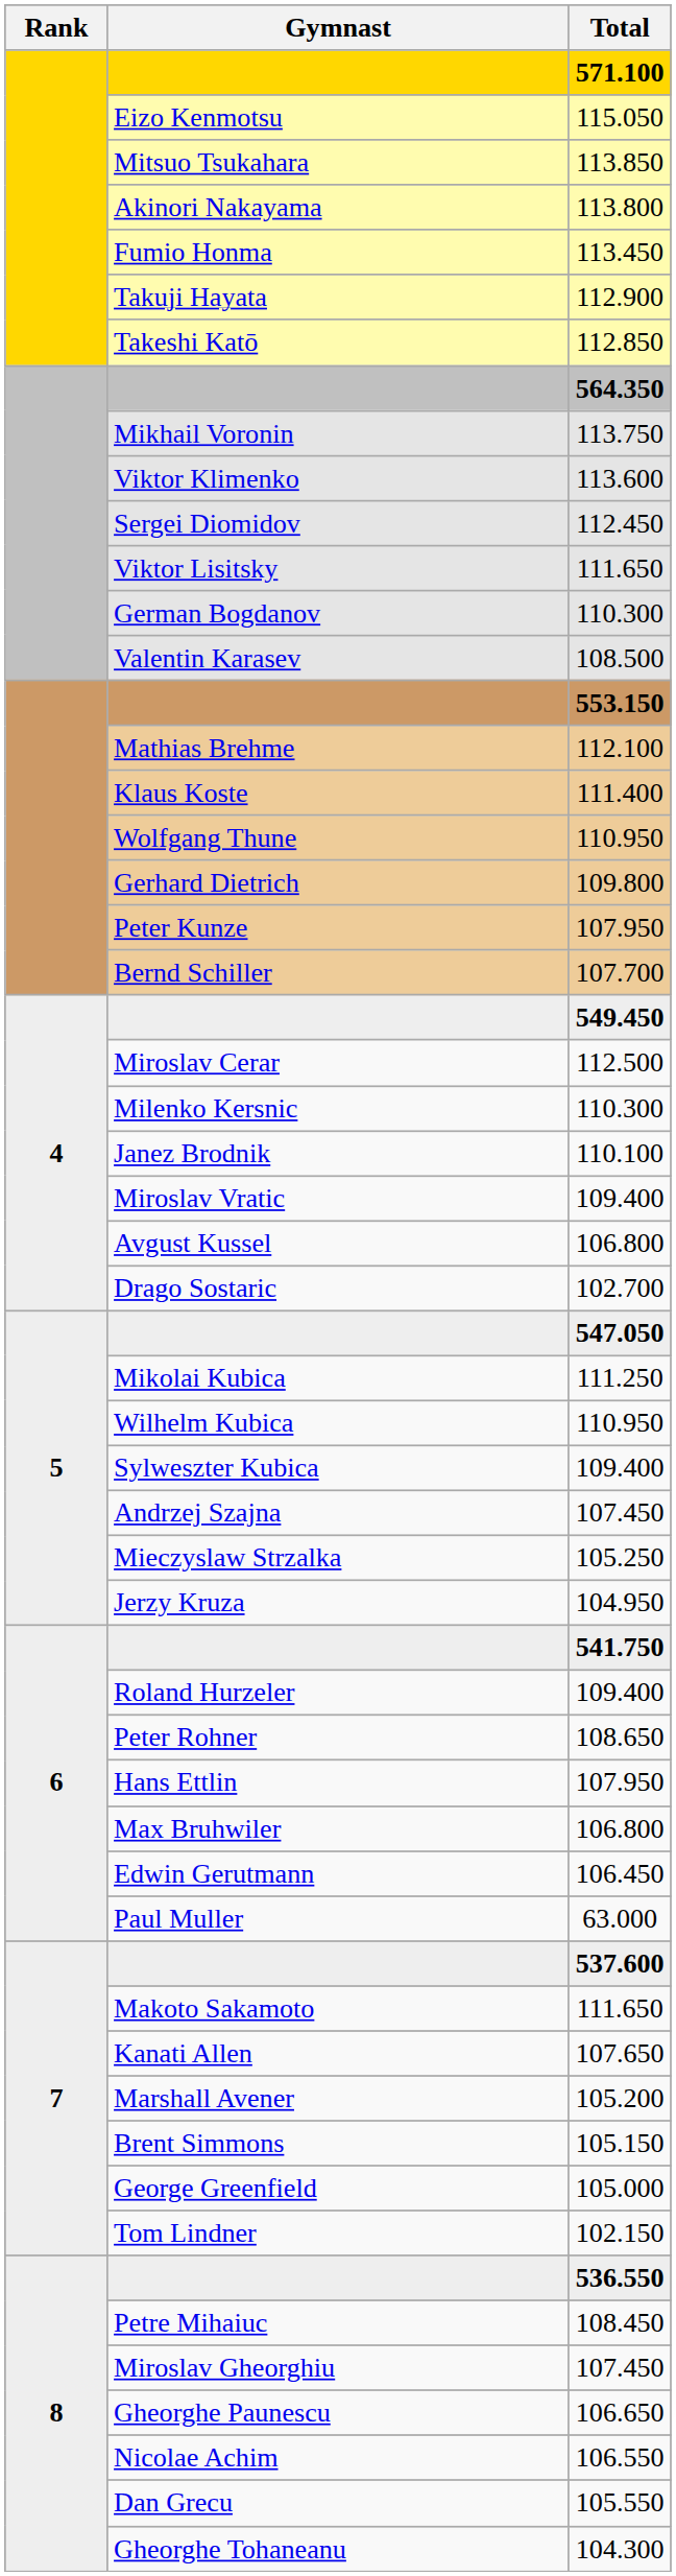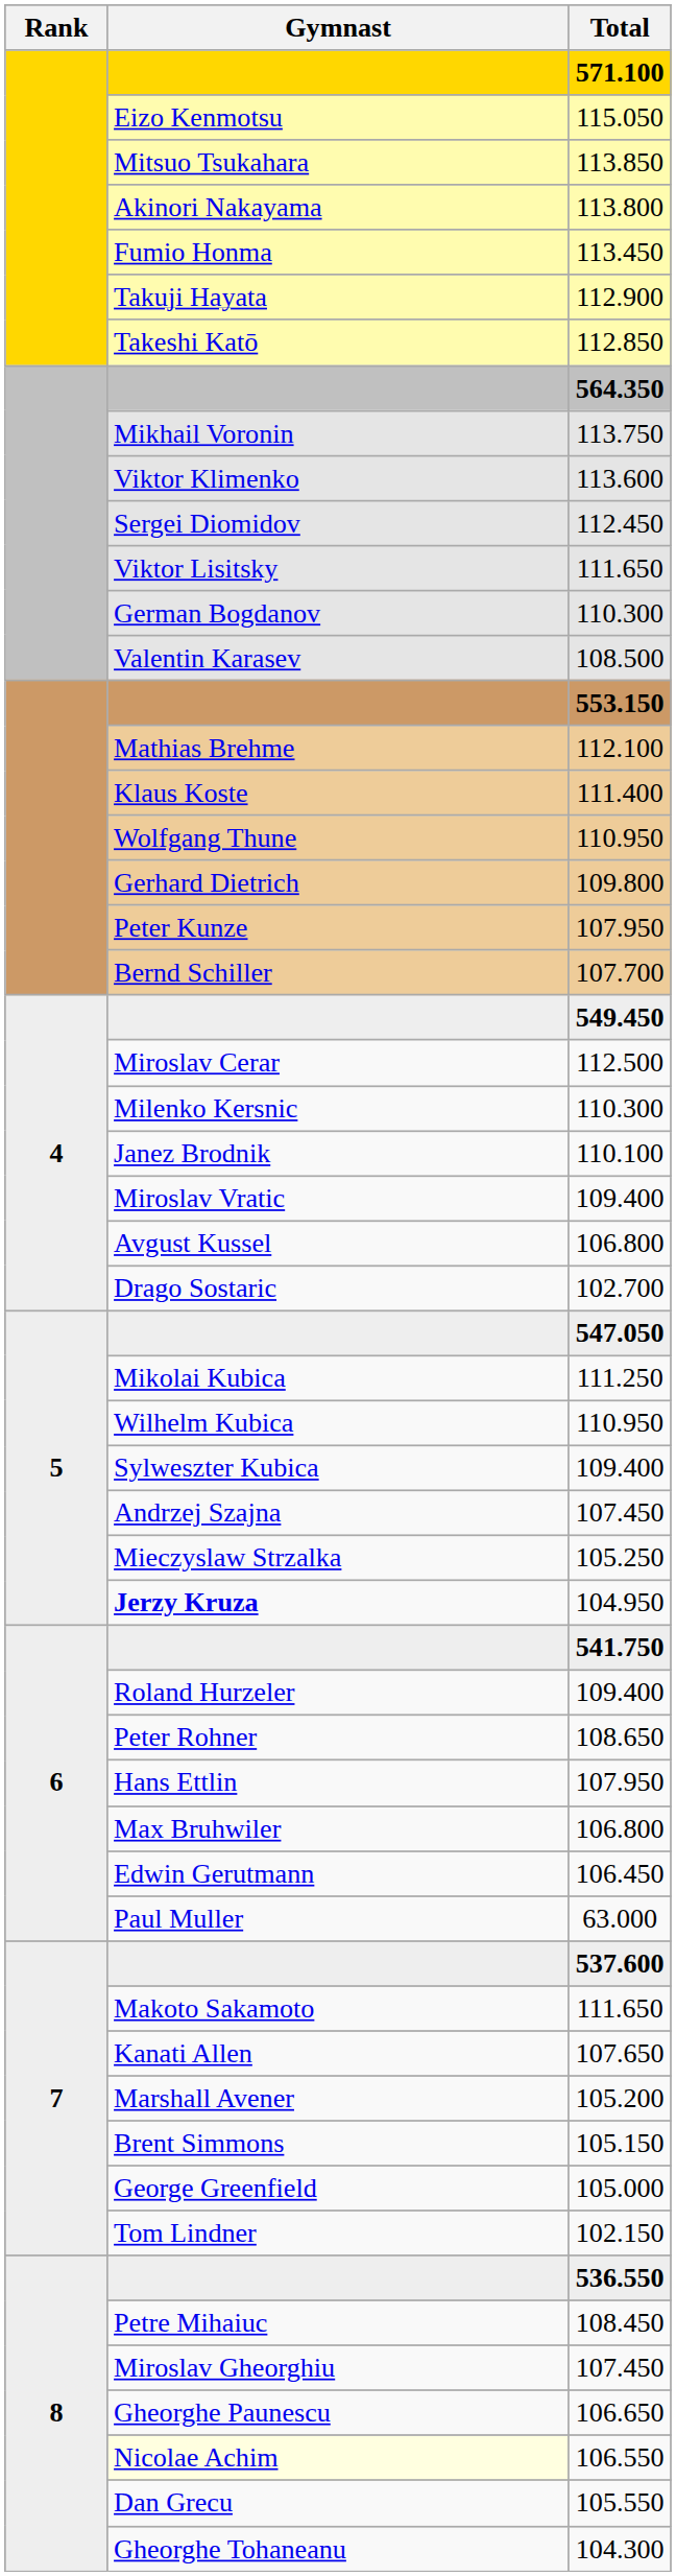 <table class="wikitable" style="text-align:center; font-size:95%">
 <tr>
 <th scope="col" style="width:50px;">Rank</th>
 <th scope="col" style="width:250px;">Gymnast</th>
 <th scope="col" style="width:50px;">Total</th>
 </tr>
 <tr bgcolor=gold>
 <td rowspan=7></td>
 <td align="left"><strong></strong></td>
 <td><strong>571.100</strong></td>
 </tr>
 <tr bgcolor=fffcaf>
 <td align="left"><a href='#'>Eizo Kenmotsu</a></td>
 <td>115.050</td>
 </tr>
 <tr bgcolor=fffcaf>
 <td align="left"><a href='#'>Mitsuo Tsukahara</a></td>
 <td>113.850</td>
 </tr>
 <tr bgcolor=fffcaf>
 <td align="left"><a href='#'>Akinori Nakayama</a></td>
 <td>113.800</td>
 </tr>
 <tr bgcolor=fffcaf>
 <td align="left"><a href='#'>Fumio Honma</a></td>
 <td>113.450</td>
 </tr>
 <tr bgcolor=fffcaf>
 <td align="left"><a href='#'>Takuji Hayata</a></td>
 <td>112.900</td>
 </tr>
 <tr bgcolor=fffcaf>
 <td align="left"><a href='#'>Takeshi Katō</a></td>
 <td>112.850</td>
 </tr>
 <tr bgcolor=silver>
 <td rowspan=7></td>
 <td align="left"><strong></strong></td>
 <td><strong>564.350</strong></td>
 </tr>
 <tr bgcolor=e5e5e5>
 <td align="left"><a href='#'>Mikhail Voronin</a></td>
 <td>113.750</td>
 </tr>
 <tr bgcolor=e5e5e5>
 <td align="left"><a href='#'>Viktor Klimenko</a></td>
 <td>113.600</td>
 </tr>
 <tr bgcolor=e5e5e5>
 <td align="left"><a href='#'>Sergei Diomidov</a></td>
 <td>112.450</td>
 </tr>
 <tr bgcolor=e5e5e5>
 <td align="left"><a href='#'>Viktor Lisitsky</a></td>
 <td>111.650</td>
 </tr>
 <tr bgcolor=e5e5e5>
 <td align="left"><a href='#'>German Bogdanov</a></td>
 <td>110.300</td>
 </tr>
 <tr bgcolor=e5e5e5>
 <td align="left"><a href='#'>Valentin Karasev</a></td>
 <td>108.500</td>
 </tr>
 <tr bgcolor=cc9966>
 <td rowspan=7></td>
 <td align="left"><strong></strong></td>
 <td><strong>553.150</strong></td>
 </tr>
 <tr bgcolor=eecc99>
 <td align="left"><a href='#'>Mathias Brehme</a></td>
 <td>112.100</td>
 </tr>
 <tr bgcolor=eecc99>
 <td align="left"><a href='#'>Klaus Koste</a></td>
 <td>111.400</td>
 </tr>
 <tr bgcolor=eecc99>
 <td align="left"><a href='#'>Wolfgang Thune</a></td>
 <td>110.950</td>
 </tr>
 <tr bgcolor=eecc99>
 <td align="left"><a href='#'>Gerhard Dietrich</a></td>
 <td>109.800</td>
 </tr>
 <tr bgcolor=eecc99>
 <td align="left"><a href='#'>Peter Kunze</a></td>
 <td>107.950</td>
 </tr>
 <tr bgcolor=eecc99>
 <td align="left"><a href='#'>Bernd Schiller</a></td>
 <td>107.700</td>
 </tr>
 <tr bgcolor=eeeeee>
 <td rowspan=7><strong>4</strong></td>
 <td align="left"><strong></strong></td>
 <td><strong>549.450</strong></td>
 </tr>
 <tr>
 <td align="left"><a href='#'>Miroslav Cerar</a></td>
 <td>112.500</td>
 </tr>
 <tr>
 <td align="left"><a href='#'>Milenko Kersnic</a></td>
 <td>110.300</td>
 </tr>
 <tr>
 <td align="left"><a href='#'>Janez Brodnik</a></td>
 <td>110.100</td>
 </tr>
 <tr>
 <td align="left"><a href='#'>Miroslav Vratic</a></td>
 <td>109.400</td>
 </tr>
 <tr>
 <td align="left"><a href='#'>Avgust Kussel</a></td>
 <td>106.800</td>
 </tr>
 <tr>
 <td align="left"><a href='#'>Drago Sostaric</a></td>
 <td>102.700</td>
 </tr>
 <tr bgcolor=eeeeee>
 <td rowspan=7><strong>5</strong></td>
 <td align="left"><strong></strong></td>
 <td><strong>547.050</strong></td>
 </tr>
 <tr>
 <td align="left"><a href='#'>Mikolai Kubica</a></td>
 <td>111.250</td>
 </tr>
 <tr>
 <td align="left"><a href='#'>Wilhelm Kubica</a></td>
 <td>110.950</td>
 </tr>
 <tr>
 <td align="left"><a href='#'>Sylweszter Kubica</a></td>
 <td>109.400</td>
 </tr>
 <tr>
 <td align="left"><a href='#'>Andrzej Szajna</a></td>
 <td>107.450</td>
 </tr>
 <tr>
 <td align="left"><a href='#'>Mieczyslaw Strzalka</a></td>
 <td>105.250</td>
 </tr>
 <tr>
-<td align="left"><a href='#'>Jerzy Kruza</a></td>
+<td align="left"><strong><a href='#'>Jerzy Kruza</a></strong></td>
 <td>104.950</td>
 </tr>
 <tr bgcolor=eeeeee>
 <td rowspan=7><strong>6</strong></td>
 <td align="left"><strong></strong></td>
 <td><strong>541.750</strong></td>
 </tr>
 <tr>
 <td align="left"><a href='#'>Roland Hurzeler</a></td>
 <td>109.400</td>
 </tr>
 <tr>
 <td align="left"><a href='#'>Peter Rohner</a></td>
 <td>108.650</td>
 </tr>
 <tr>
 <td align="left"><a href='#'>Hans Ettlin</a></td>
 <td>107.950</td>
 </tr>
 <tr>
 <td align="left"><a href='#'>Max Bruhwiler</a></td>
 <td>106.800</td>
 </tr>
 <tr>
 <td align="left"><a href='#'>Edwin Gerutmann</a></td>
 <td>106.450</td>
 </tr>
 <tr>
 <td align="left"><a href='#'>Paul Muller</a></td>
 <td>63.000</td>
 </tr>
 <tr bgcolor=eeeeee>
 <td rowspan=7><strong>7</strong></td>
 <td align="left"><strong></strong></td>
 <td><strong>537.600</strong></td>
 </tr>
 <tr>
 <td align="left"><a href='#'>Makoto Sakamoto</a></td>
 <td>111.650</td>
 </tr>
 <tr>
 <td align="left"><a href='#'>Kanati Allen</a></td>
 <td>107.650</td>
 </tr>
 <tr>
 <td align="left"><a href='#'>Marshall Avener</a></td>
 <td>105.200</td>
 </tr>
 <tr>
 <td align="left"><a href='#'>Brent Simmons</a></td>
 <td>105.150</td>
 </tr>
 <tr>
 <td align="left"><a href='#'>George Greenfield</a></td>
 <td>105.000</td>
 </tr>
 <tr>
 <td align="left"><a href='#'>Tom Lindner</a></td>
 <td>102.150</td>
 </tr>
 <tr bgcolor=eeeeee>
 <td rowspan=7><strong>8</strong></td>
 <td align="left"><strong></strong></td>
 <td><strong>536.550</strong></td>
 </tr>
 <tr>
 <td align="left"><a href='#'>Petre Mihaiuc</a></td>
 <td>108.450</td>
 </tr>
 <tr>
 <td align="left"><a href='#'>Miroslav Gheorghiu</a></td>
 <td>107.450</td>
 </tr>
 <tr>
 <td align="left"><a href='#'>Gheorghe Paunescu</a></td>
 <td>106.650</td>
 </tr>
 <tr>
-<td align="left"><a href='#'>Nicolae Achim</a></td>
+<td align="left" style="background: lightyellow;"><a href='#'>Nicolae Achim</a></td>
 <td>106.550</td>
 </tr>
 <tr>
 <td align="left"><a href='#'>Dan Grecu</a></td>
 <td>105.550</td>
 </tr>
 <tr>
 <td align="left"><a href='#'>Gheorghe Tohaneanu</a></td>
 <td>104.300</td>
 </tr>
 </table>
